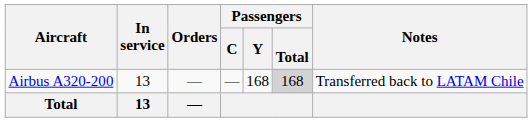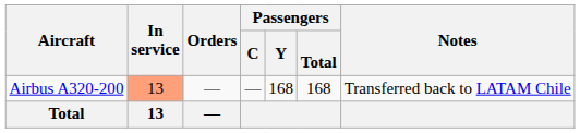 <table class="wikitable" style="margin:0.5em auto;text-align:center">
 <tr>
 <th rowspan=2>Aircraft</th>
 <th rowspan=2>In <br> service</th>
 <th rowspan=2>Orders</th>
 <th colspan=3>Passengers</th>
 <th rowspan=2>Notes</th>
 </tr>
 <tr>
 <th><abbr>C</abbr></th>
 <th><abbr>Y</abbr></th>
 <th><br>Total</th>
 </tr>
 <tr>
 <td><a href='#'>Airbus A320-200</a></td>
-<td>13</td>
+<td style="background: lightsalmon;">13</td>
 <td>—</td>
 <td>—</td>
 <td>168</td>
-<td style="background: lightgrey;">168</td>
+<td>168</td>
 <td>Transferred back to <a href='#'>LATAM Chile</a></td>
 </tr>
 <tr>
 <th>Total</th>
 <th>13</th>
 <th>—</th>
 <th colspan=3></th>
 <th></th>
 </tr>
 </table>
